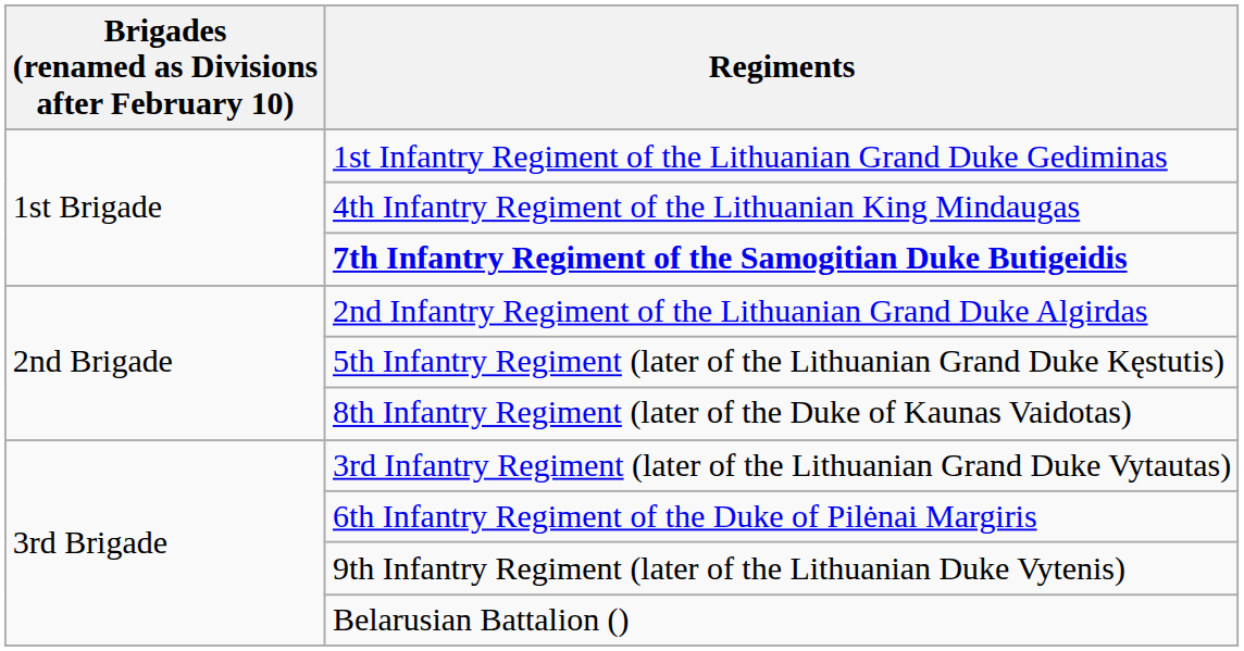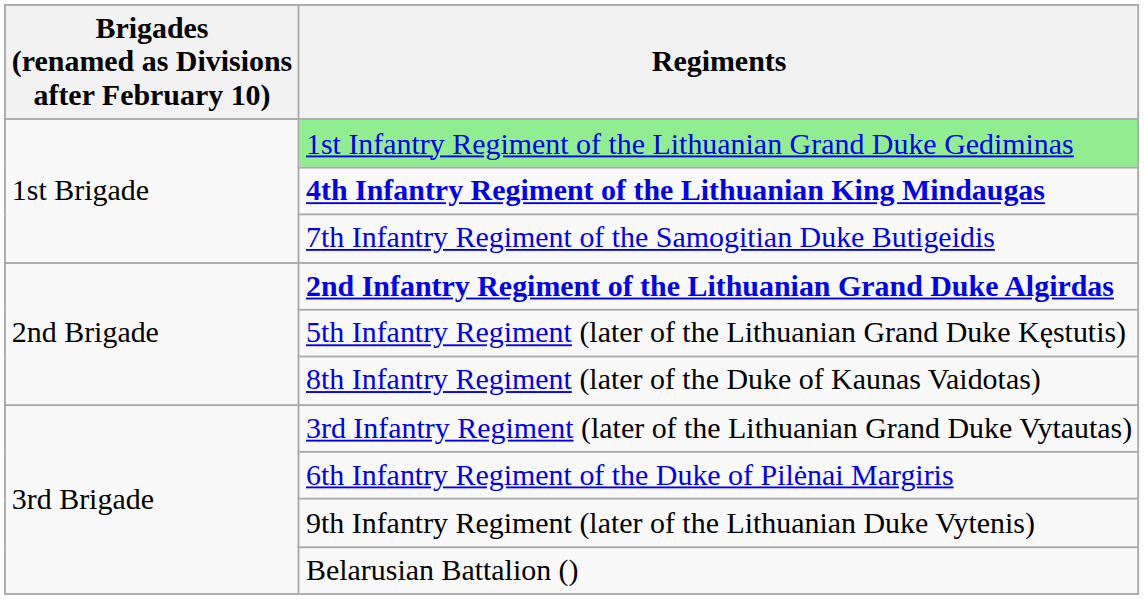 <table class="wikitable">
 <tr>
 <th>Brigades <br> (renamed as Divisions <br> after February 10)</th>
 <th>Regiments</th>
 </tr>
 <tr>
 <td rowspan="3">1st Brigade</td>
-<td><a href='#'>1st Infantry Regiment of the Lithuanian Grand Duke Gediminas</a></td>
+<td style="background: lightgreen;"><a href='#'>1st Infantry Regiment of the Lithuanian Grand Duke Gediminas</a></td>
 </tr>
 <tr>
-<td><a href='#'>4th Infantry Regiment of the Lithuanian King Mindaugas</a></td>
+<td><strong><a href='#'>4th Infantry Regiment of the Lithuanian King Mindaugas</a></strong></td>
 </tr>
 <tr>
-<td><strong><a href='#'>7th Infantry Regiment of the Samogitian Duke Butigeidis</a></strong></td>
+<td><a href='#'>7th Infantry Regiment of the Samogitian Duke Butigeidis</a></td>
 </tr>
 <tr>
 <td rowspan="3">2nd Brigade</td>
-<td><a href='#'>2nd Infantry Regiment of the Lithuanian Grand Duke Algirdas</a></td>
+<td><strong><a href='#'>2nd Infantry Regiment of the Lithuanian Grand Duke Algirdas</a></strong></td>
 </tr>
 <tr>
 <td><a href='#'>5th Infantry Regiment</a> (later of the Lithuanian Grand Duke Kęstutis)</td>
 </tr>
 <tr>
 <td><a href='#'>8th Infantry Regiment</a> (later of the Duke of Kaunas Vaidotas)</td>
 </tr>
 <tr>
 <td rowspan="4">3rd Brigade</td>
 <td><a href='#'>3rd Infantry Regiment</a> (later of the Lithuanian Grand Duke Vytautas)</td>
 </tr>
 <tr>
 <td><a href='#'>6th Infantry Regiment of the Duke of Pilėnai Margiris</a></td>
 </tr>
 <tr>
 <td>9th Infantry Regiment (later of the Lithuanian Duke Vytenis)</td>
 </tr>
 <tr>
 <td>Belarusian Battalion ()</td>
 </tr>
 </table>
